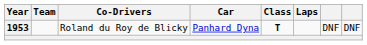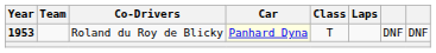 <table class="wikitable" style="text-align:center; font-size:90%">
 <tr>
 <th>Year</th>
 <th>Team</th>
 <th>Co-Drivers</th>
 <th>Car</th>
 <th>Class</th>
 <th>Laps</th>
 <th></th>
 <th></th>
 </tr>
 <tr>
 <th>1953</th>
 <td align="left"></td>
 <td align="left">  Roland du Roy de Blicky</td>
-<td align="left"><a href='#'>Panhard Dyna</a></td>
-<td><strong>T</strong></td>
+<td align="left" style="background: lightyellow;"><a href='#'>Panhard Dyna</a></td>
+<td>T</td>
 <td></td>
 <td>DNF</td>
 <td>DNF</td>
 </tr>
 <tr>
 <th colspan="8"></th>
 </tr>
 </table>
